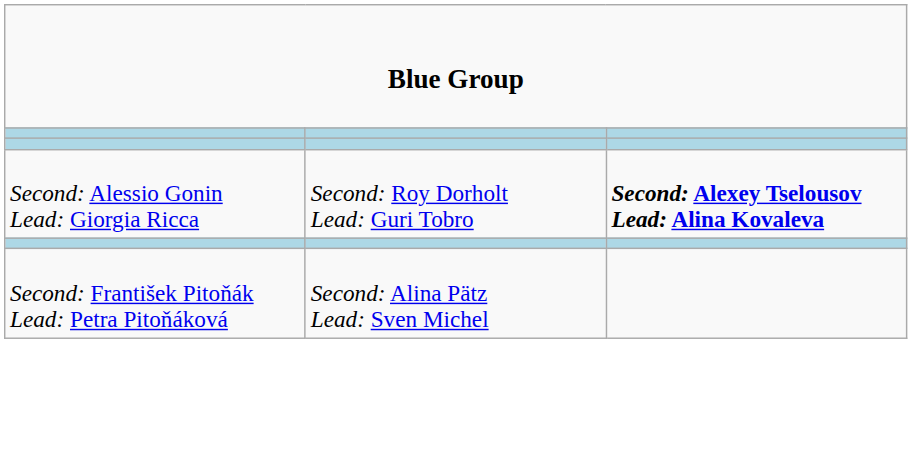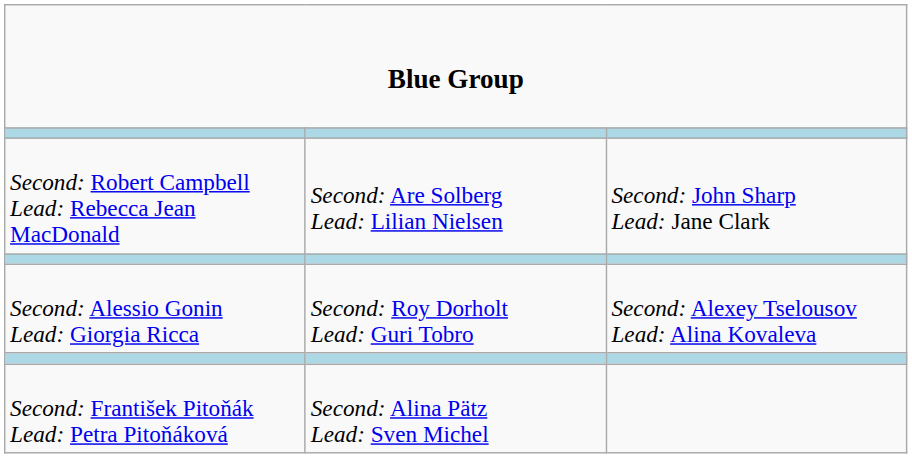 <table class="wikitable">
 <tr>
 <td align=center colspan="3"><br><h3>Blue Group</h3></td>
 </tr>
 <tr>
 <th style="background: #ADD8E6;" width="200"></th>
 <th style="background: #ADD8E6;" width="200"></th>
 <th style="background: #ADD8E6;" width="200"></th>
 </tr>
 <tr>
+<td><br><em>Second:</em> <a href='#'>Robert Campbell</a> <br> <em>Lead:</em> <a href='#'>Rebecca Jean MacDonald</a></td>
+<td><br><em>Second:</em> <a href='#'>Are Solberg</a><br> <em>Lead:</em> <a href='#'>Lilian Nielsen</a></td>
+<td><br><em>Second:</em> <a href='#'>John Sharp</a><br> <em>Lead:</em> Jane Clark</td>
+</tr>
+<tr>
 <th style="background: #ADD8E6;" width="200"></th>
 <th style="background: #ADD8E6;" width="200"></th>
 <th style="background: #ADD8E6;" width="200"></th>
 </tr>
 <tr>
 <td><br><em>Second:</em> <a href='#'>Alessio Gonin</a> <br> <em>Lead:</em> <a href='#'>Giorgia Ricca</a></td>
 <td><br><em>Second:</em> <a href='#'>Roy Dorholt</a><br> <em>Lead:</em> <a href='#'>Guri Tobro</a></td>
-<td><strong><br><em>Second:</em> <a href='#'>Alexey Tselousov</a><br> <em>Lead:</em> <a href='#'>Alina Kovaleva</a></strong></td>
+<td><br><em>Second:</em> <a href='#'>Alexey Tselousov</a><br> <em>Lead:</em> <a href='#'>Alina Kovaleva</a></td>
 </tr>
 <tr>
 <th style="background: #ADD8E6;" width="200"></th>
 <th style="background: #ADD8E6;" width="200"></th>
 <th style="background: #ADD8E6;" width="200"></th>
 </tr>
 <tr>
 <td><br><em>Second:</em> <a href='#'>František Pitoňák</a> <br> <em>Lead:</em> <a href='#'>Petra Pitoňáková</a></td>
 <td><br><em>Second:</em> <a href='#'>Alina Pätz</a><br> <em>Lead:</em> <a href='#'>Sven Michel</a></td>
 <td></td>
 </tr>
 </table>
